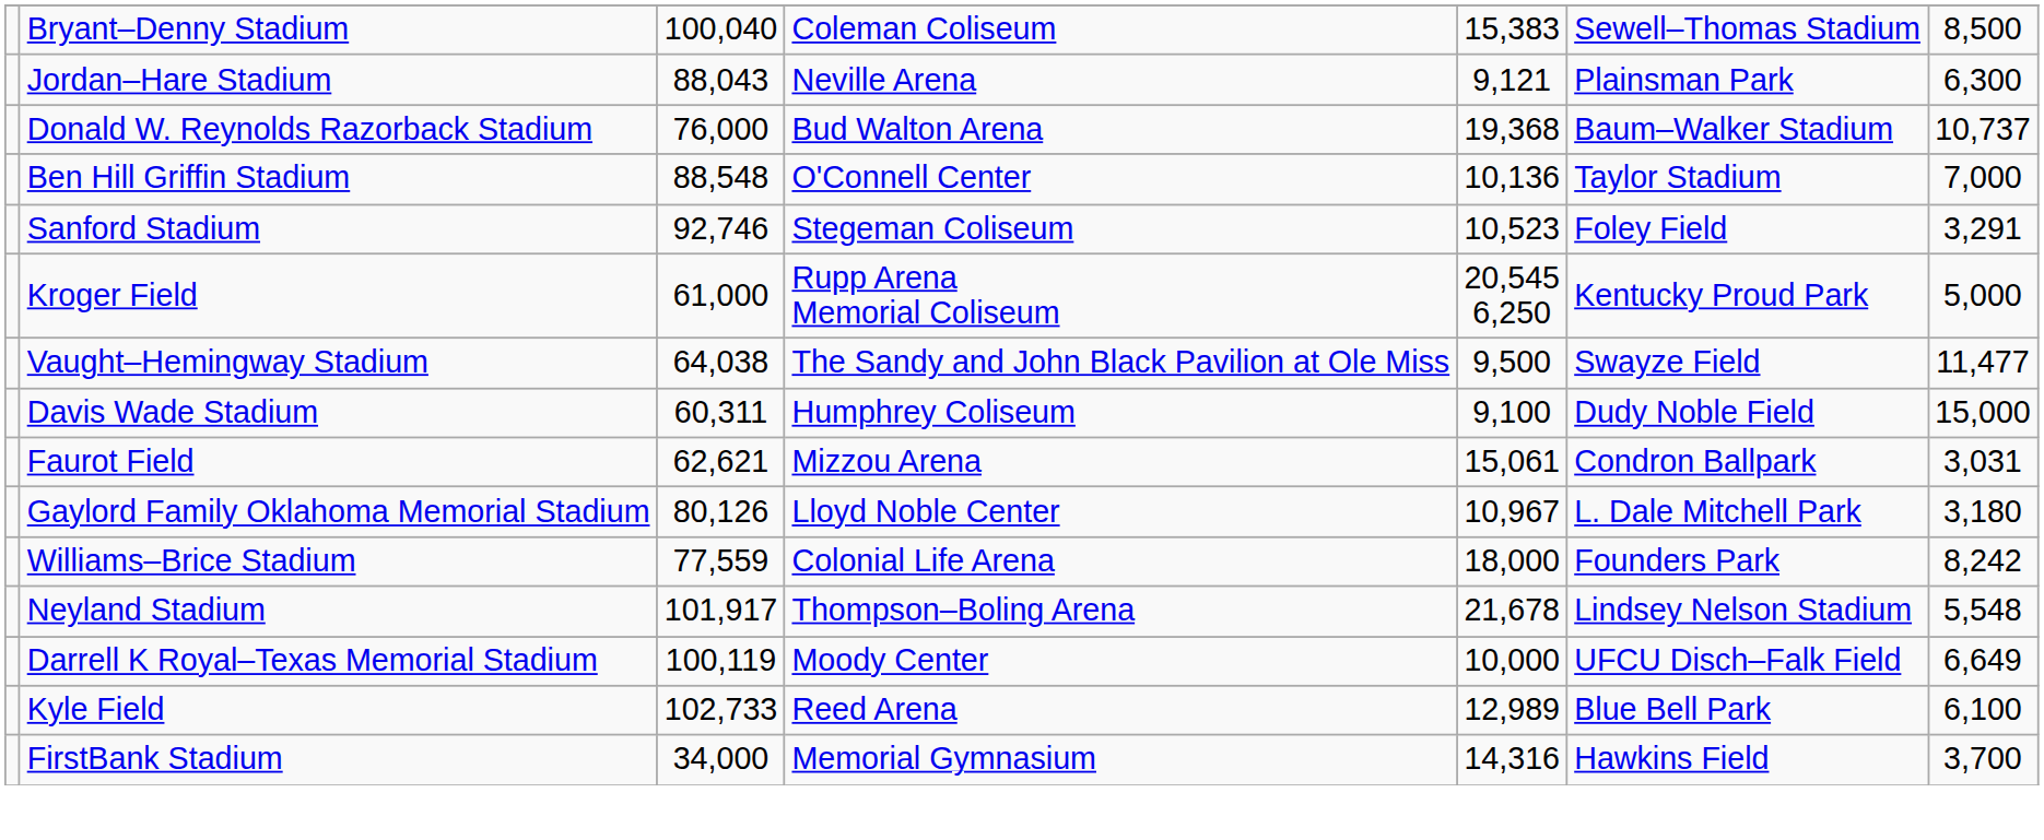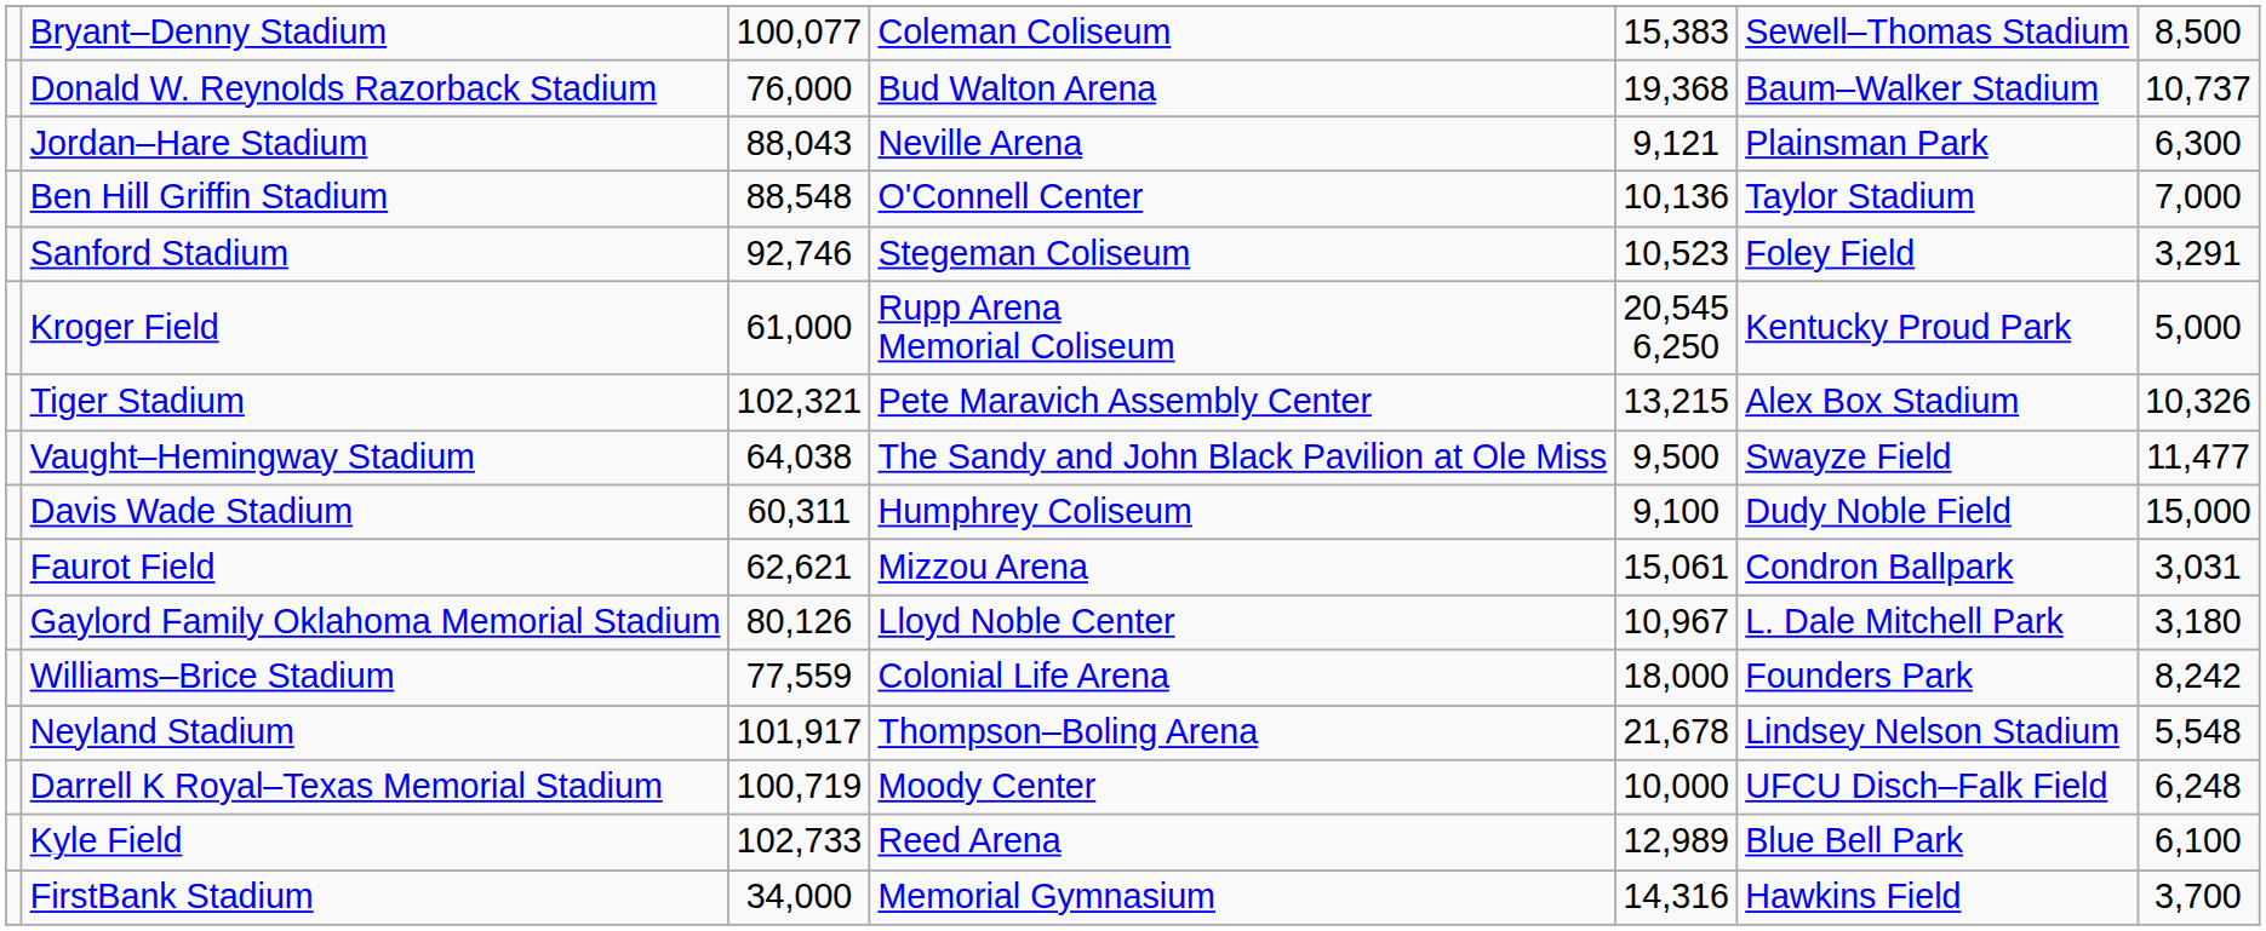 <table class="wikitable sortable">
 <tr>
 </tr>
 <tr>
 <td style="text-align:center; "><a href='#'></a></td>
 <td><a href='#'>Bryant–Denny Stadium</a></td>
-<td style="text-align:center;">100,040</td>
+<td style="text-align:center;">100,077</td>
 <td><a href='#'>Coleman Coliseum</a></td>
 <td style="text-align:center;">15,383</td>
 <td><a href='#'>Sewell–Thomas Stadium</a></td>
 <td style="text-align:center;">8,500</td>
+</tr>
+<tr>
+<td style="text-align:center; "><a href='#'></a></td>
+<td><a href='#'>Donald W. Reynolds Razorback Stadium</a></td>
+<td style="text-align:center;">76,000</td>
+<td><a href='#'>Bud Walton Arena</a></td>
+<td style="text-align:center;">19,368</td>
+<td><a href='#'>Baum–Walker Stadium</a></td>
+<td style="text-align:center;">10,737</td>
 </tr>
 <tr>
 <td style="text-align:center; "><a href='#'></a></td>
 <td><a href='#'>Jordan–Hare Stadium</a></td>
 <td style="text-align:center;">88,043</td>
 <td><a href='#'>Neville Arena</a></td>
 <td style="text-align:center;">9,121</td>
 <td><a href='#'>Plainsman Park</a></td>
 <td style="text-align:center;">6,300</td>
-</tr>
-<tr>
-<td style="text-align:center; "><a href='#'></a></td>
-<td><a href='#'>Donald W. Reynolds Razorback Stadium</a></td>
-<td style="text-align:center;">76,000</td>
-<td><a href='#'>Bud Walton Arena</a></td>
-<td style="text-align:center;">19,368</td>
-<td><a href='#'>Baum–Walker Stadium</a></td>
-<td style="text-align:center;">10,737</td>
 </tr>
 <tr>
 <td style="text-align:center; "><a href='#'></a></td>
 <td><a href='#'>Ben Hill Griffin Stadium</a></td>
 <td style="text-align:center;">88,548</td>
 <td><a href='#'>O'Connell Center</a></td>
 <td style="text-align:center;">10,136</td>
 <td><a href='#'>Taylor Stadium</a></td>
 <td style="text-align:center;">7,000</td>
 </tr>
 <tr>
 <td style="text-align:center; "><a href='#'></a></td>
 <td><a href='#'>Sanford Stadium</a></td>
 <td style="text-align:center;">92,746</td>
 <td><a href='#'>Stegeman Coliseum</a></td>
 <td style="text-align:center;">10,523</td>
 <td><a href='#'>Foley Field</a></td>
 <td style="text-align:center;">3,291</td>
 </tr>
 <tr>
 <td style="text-align:center; "><a href='#'></a></td>
 <td><a href='#'>Kroger Field</a></td>
 <td style="text-align:center;">61,000</td>
 <td><a href='#'>Rupp Arena</a><br><a href='#'>Memorial Coliseum</a></td>
 <td style="text-align:center;">20,545<br>6,250</td>
 <td><a href='#'>Kentucky Proud Park</a></td>
 <td style="text-align:center;">5,000</td>
+</tr>
+<tr>
+<td style="text-align:center; "><a href='#'></a></td>
+<td><a href='#'>Tiger Stadium</a></td>
+<td style="text-align:center;">102,321</td>
+<td><a href='#'>Pete Maravich Assembly Center</a></td>
+<td style="text-align:center;">13,215</td>
+<td><a href='#'>Alex Box Stadium</a></td>
+<td style="text-align:center;">10,326</td>
 </tr>
 <tr>
 <td style="text-align:center; "><a href='#'></a></td>
 <td><a href='#'>Vaught–Hemingway Stadium</a></td>
 <td style="text-align:center;">64,038</td>
 <td><a href='#'>The Sandy and John Black Pavilion at Ole Miss</a></td>
 <td style="text-align:center;">9,500</td>
 <td><a href='#'>Swayze Field</a></td>
 <td style="text-align:center;">11,477</td>
 </tr>
 <tr>
 <td style="text-align:center; "><a href='#'></a></td>
 <td><a href='#'>Davis Wade Stadium</a></td>
 <td style="text-align:center;">60,311</td>
 <td><a href='#'>Humphrey Coliseum</a></td>
 <td style="text-align:center;">9,100</td>
 <td><a href='#'>Dudy Noble Field</a></td>
 <td style="text-align:center;">15,000</td>
 </tr>
 <tr>
 <td style="text-align:center; "><a href='#'></a></td>
 <td><a href='#'>Faurot Field</a></td>
 <td style="text-align:center;">62,621</td>
 <td><a href='#'>Mizzou Arena</a></td>
 <td style="text-align:center;">15,061</td>
 <td><a href='#'>Condron Ballpark</a></td>
 <td style="text-align:center;">3,031</td>
 </tr>
 <tr>
 <td style="text-align:center; "><a href='#'></a></td>
 <td><a href='#'>Gaylord Family Oklahoma Memorial Stadium</a></td>
 <td style="text-align:center;">80,126</td>
 <td><a href='#'>Lloyd Noble Center</a></td>
 <td style="text-align:center;">10,967</td>
 <td><a href='#'>L. Dale Mitchell Park</a></td>
 <td style="text-align:center;">3,180</td>
 </tr>
 <tr>
 <td style="text-align:center; "><a href='#'></a></td>
 <td><a href='#'>Williams–Brice Stadium</a></td>
 <td style="text-align:center;">77,559</td>
 <td><a href='#'>Colonial Life Arena</a></td>
 <td style="text-align:center;">18,000</td>
 <td><a href='#'>Founders Park</a></td>
 <td style="text-align:center;">8,242</td>
 </tr>
 <tr>
 <td style="text-align:center; "><a href='#'></a></td>
 <td><a href='#'>Neyland Stadium</a></td>
 <td style="text-align:center;">101,917</td>
 <td><a href='#'>Thompson–Boling Arena</a></td>
 <td style="text-align:center;">21,678</td>
 <td><a href='#'>Lindsey Nelson Stadium</a></td>
 <td style="text-align:center;">5,548</td>
 </tr>
 <tr>
 <td style="text-align:center; "><a href='#'></a></td>
 <td><a href='#'>Darrell K Royal–Texas Memorial Stadium</a></td>
-<td style="text-align:center;">100,119</td>
+<td style="text-align:center;">100,719</td>
 <td><a href='#'>Moody Center</a></td>
 <td style="text-align:center;">10,000</td>
 <td><a href='#'>UFCU Disch–Falk Field</a></td>
-<td style="text-align:center;">6,649</td>
+<td style="text-align:center;">6,248</td>
 </tr>
 <tr>
 <td style="text-align:center; "><a href='#'></a></td>
 <td><a href='#'>Kyle Field</a></td>
 <td style="text-align:center;">102,733</td>
 <td><a href='#'>Reed Arena</a></td>
 <td style="text-align:center;">12,989</td>
 <td><a href='#'>Blue Bell Park</a></td>
 <td style="text-align:center;">6,100</td>
 </tr>
 <tr>
 <td style="text-align:center; "><a href='#'></a></td>
 <td><a href='#'>FirstBank Stadium</a></td>
 <td style="text-align:center;">34,000</td>
 <td><a href='#'>Memorial Gymnasium</a></td>
 <td style="text-align:center;">14,316</td>
 <td><a href='#'>Hawkins Field</a></td>
 <td style="text-align:center;">3,700</td>
 </tr>
 </table>
